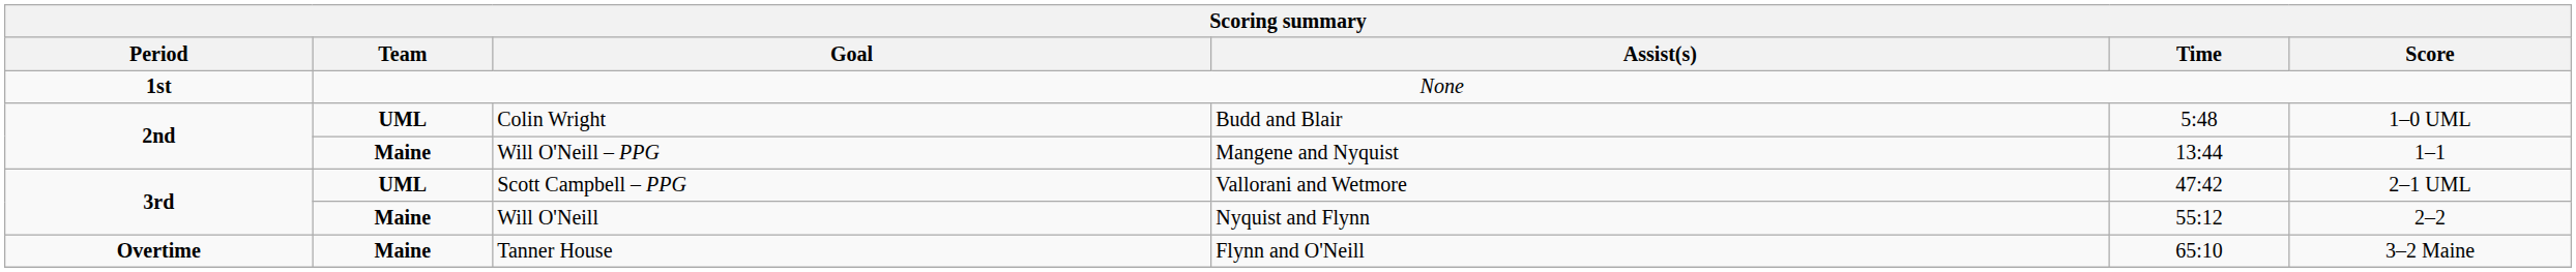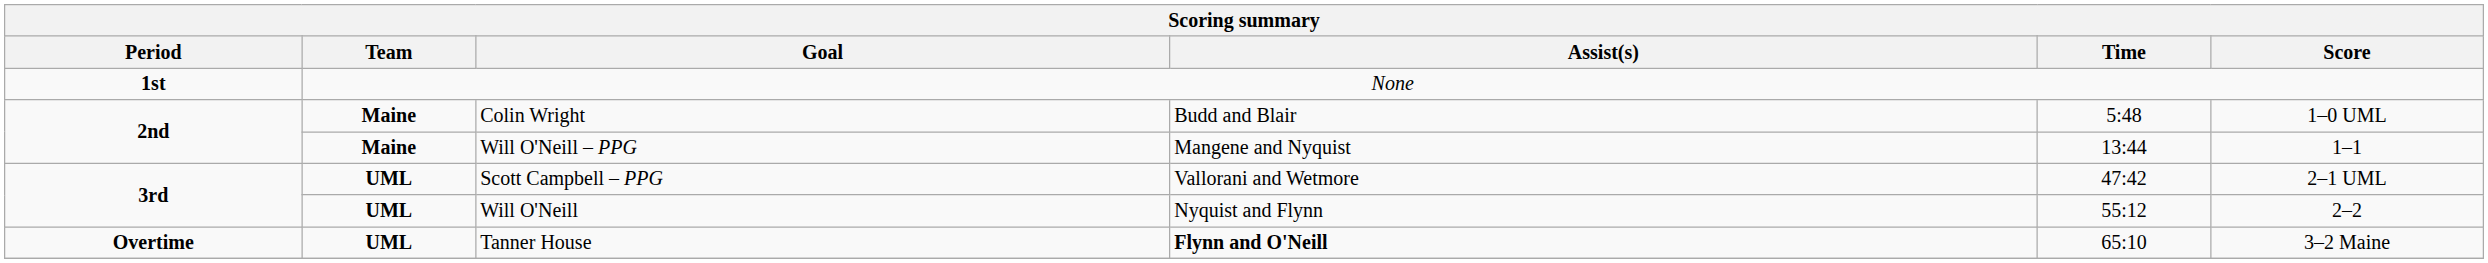 <table style="width:100%;" class="wikitable">
 <tr>
 <th colspan=6>Scoring summary</th>
 </tr>
 <tr>
 <th style="width:12%;">Period</th>
 <th style="width:7%;">Team</th>
 <th style="width:28%;">Goal</th>
 <th style="width:35%;">Assist(s)</th>
 <th style="width:7%;">Time</th>
 <th style="width:11%;">Score</th>
 </tr>
 <tr>
 <td style="text-align:center;" rowspan="1"><strong>1st</strong></td>
 <td style="text-align:center;" colspan="5"><em>None</em></td>
 </tr>
 <tr>
 <td style="text-align:center;" rowspan="2"><strong>2nd</strong></td>
-<td align=center><strong>UML</strong></td>
+<td align=center><strong>Maine</strong></td>
 <td>Colin Wright</td>
 <td>Budd and Blair</td>
 <td align=center>5:48</td>
 <td align=center>1–0 UML</td>
 </tr>
 <tr>
 <td align=center><strong>Maine</strong></td>
 <td>Will O'Neill – <em>PPG</em></td>
 <td>Mangene and Nyquist</td>
 <td align=center>13:44</td>
 <td align=center>1–1</td>
 </tr>
 <tr>
 <td style="text-align:center;" rowspan="2"><strong>3rd</strong></td>
 <td align=center><strong>UML</strong></td>
 <td>Scott Campbell – <em>PPG</em></td>
 <td>Vallorani and Wetmore</td>
 <td align=center>47:42</td>
 <td align=center>2–1 UML</td>
 </tr>
 <tr>
-<td align=center><strong>Maine</strong></td>
+<td align=center><strong>UML</strong></td>
 <td>Will O'Neill</td>
 <td>Nyquist and Flynn</td>
 <td align=center>55:12</td>
 <td align=center>2–2</td>
 </tr>
 <tr>
 <td style="text-align:center;" rowspan="1"><strong>Overtime</strong></td>
-<td align=center><strong>Maine</strong></td>
+<td align=center><strong>UML</strong></td>
 <td>Tanner House</td>
-<td>Flynn and O'Neill</td>
+<td><strong>Flynn and O'Neill</strong></td>
 <td align=center>65:10</td>
 <td align=center>3–2 Maine</td>
 </tr>
 <tr>
 </tr>
 </table>
